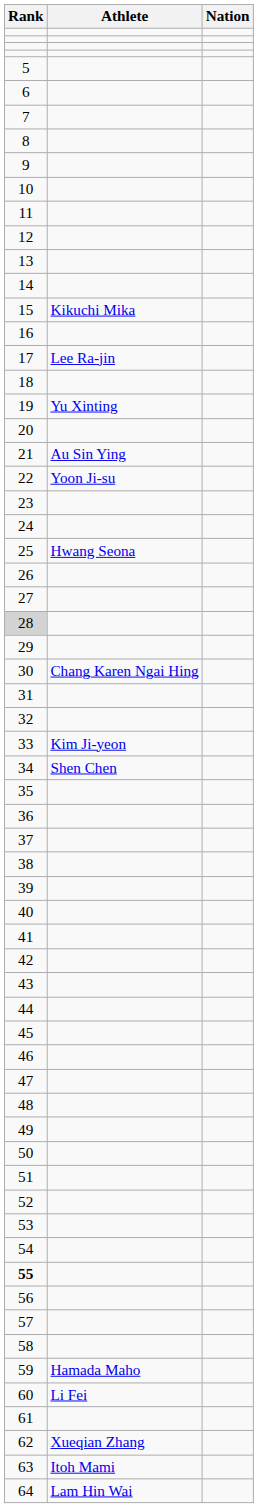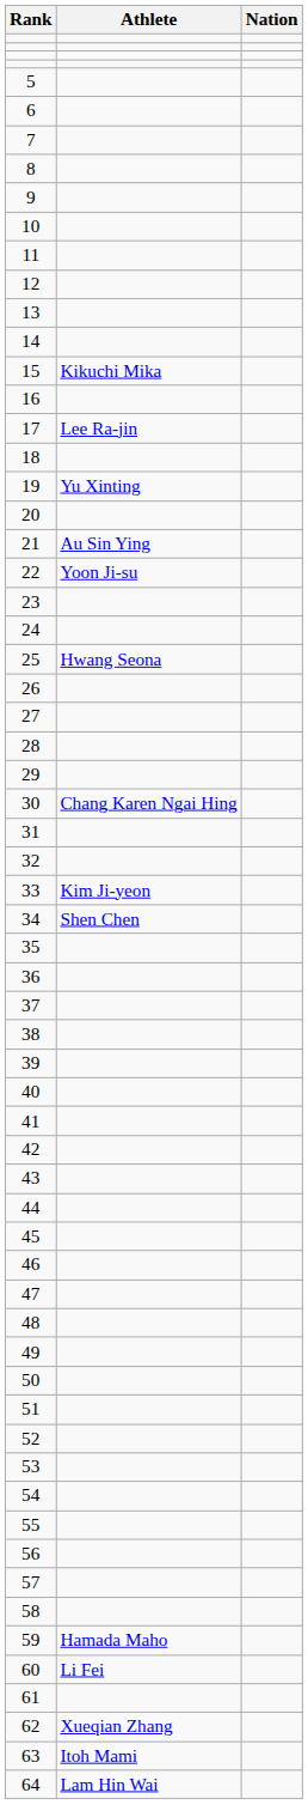 <table class="wikitable sortable" style="text-align:left">
 <tr>
 <th>Rank</th>
 <th>Athlete</th>
 <th>Nation</th>
 </tr>
 <tr>
 <td align="center"></td>
 <td></td>
 <td></td>
 </tr>
 <tr>
 <td align="center"></td>
 <td></td>
 <td></td>
 </tr>
 <tr>
 <td align="center"></td>
 <td></td>
 <td></td>
 </tr>
 <tr>
 <td align="center"></td>
 <td></td>
 <td></td>
 </tr>
 <tr>
 <td align="center">5</td>
 <td></td>
 <td></td>
 </tr>
 <tr>
 <td align="center">6</td>
 <td></td>
 <td></td>
 </tr>
 <tr>
 <td align="center">7</td>
 <td></td>
 <td></td>
 </tr>
 <tr>
 <td align="center">8</td>
 <td></td>
 <td></td>
 </tr>
 <tr>
 <td align="center">9</td>
 <td></td>
 <td></td>
 </tr>
 <tr>
 <td align="center">10</td>
 <td></td>
 <td></td>
 </tr>
 <tr>
 <td align="center">11</td>
 <td></td>
 <td></td>
 </tr>
 <tr>
 <td align="center">12</td>
 <td></td>
 <td></td>
 </tr>
 <tr>
 <td align="center">13</td>
 <td></td>
 <td></td>
 </tr>
 <tr>
 <td align="center">14</td>
 <td></td>
 <td></td>
 </tr>
 <tr>
 <td align="center">15</td>
 <td><a href='#'>Kikuchi Mika</a></td>
 <td></td>
 </tr>
 <tr>
 <td align="center">16</td>
 <td></td>
 <td></td>
 </tr>
 <tr>
 <td align="center">17</td>
 <td><a href='#'>Lee Ra-jin</a></td>
 <td></td>
 </tr>
 <tr>
 <td align="center">18</td>
 <td></td>
 <td></td>
 </tr>
 <tr>
 <td align="center">19</td>
 <td><a href='#'>Yu Xinting</a></td>
 <td></td>
 </tr>
 <tr>
 <td align="center">20</td>
 <td></td>
 <td></td>
 </tr>
 <tr>
 <td align="center">21</td>
 <td><a href='#'>Au Sin Ying</a></td>
 <td></td>
 </tr>
 <tr>
 <td align="center">22</td>
 <td><a href='#'>Yoon Ji-su</a></td>
 <td></td>
 </tr>
 <tr>
 <td align="center">23</td>
 <td></td>
 <td></td>
 </tr>
 <tr>
 <td align="center">24</td>
 <td></td>
 <td></td>
 </tr>
 <tr>
 <td align="center">25</td>
 <td><a href='#'>Hwang Seona</a></td>
 <td></td>
 </tr>
 <tr>
 <td align="center">26</td>
 <td></td>
 <td></td>
 </tr>
 <tr>
 <td align="center">27</td>
 <td></td>
 <td></td>
 </tr>
 <tr>
-<td align="center" style="background: lightgrey;">28</td>
+<td align="center">28</td>
 <td></td>
 <td></td>
 </tr>
 <tr>
 <td align="center">29</td>
 <td></td>
 <td></td>
 </tr>
 <tr>
 <td align="center">30</td>
 <td><a href='#'>Chang Karen Ngai Hing</a></td>
 <td></td>
 </tr>
 <tr>
 <td align="center">31</td>
 <td></td>
 <td></td>
 </tr>
 <tr>
 <td align="center">32</td>
 <td></td>
 <td></td>
 </tr>
 <tr>
 <td align="center">33</td>
 <td><a href='#'>Kim Ji-yeon</a></td>
 <td></td>
 </tr>
 <tr>
 <td align="center">34</td>
 <td><a href='#'>Shen Chen</a></td>
 <td></td>
 </tr>
 <tr>
 <td align="center">35</td>
 <td></td>
 <td></td>
 </tr>
 <tr>
 <td align="center">36</td>
 <td></td>
 <td></td>
 </tr>
 <tr>
 <td align="center">37</td>
 <td></td>
 <td></td>
 </tr>
 <tr>
 <td align="center">38</td>
 <td></td>
 <td></td>
 </tr>
 <tr>
 <td align="center">39</td>
 <td></td>
 <td></td>
 </tr>
 <tr>
 <td align="center">40</td>
 <td></td>
 <td></td>
 </tr>
 <tr>
 <td align="center">41</td>
 <td></td>
 <td></td>
 </tr>
 <tr>
 <td align="center">42</td>
 <td></td>
 <td></td>
 </tr>
 <tr>
 <td align="center">43</td>
 <td></td>
 <td></td>
 </tr>
 <tr>
 <td align="center">44</td>
 <td></td>
 <td></td>
 </tr>
 <tr>
 <td align="center">45</td>
 <td></td>
 <td></td>
 </tr>
 <tr>
 <td align="center">46</td>
 <td></td>
 <td></td>
 </tr>
 <tr>
 <td align="center">47</td>
 <td></td>
 <td></td>
 </tr>
 <tr>
 <td align="center">48</td>
 <td></td>
 <td></td>
 </tr>
 <tr>
 <td align="center">49</td>
 <td></td>
 <td></td>
 </tr>
 <tr>
 <td align="center">50</td>
 <td></td>
 <td></td>
 </tr>
 <tr>
 <td align="center">51</td>
 <td></td>
 <td></td>
 </tr>
 <tr>
 <td align="center">52</td>
 <td></td>
 <td></td>
 </tr>
 <tr>
 <td align="center">53</td>
 <td></td>
 <td></td>
 </tr>
 <tr>
 <td align="center">54</td>
 <td></td>
 <td></td>
 </tr>
 <tr>
-<td align="center"><strong>55</strong></td>
+<td align="center">55</td>
 <td></td>
 <td></td>
 </tr>
 <tr>
 <td align="center">56</td>
 <td></td>
 <td></td>
 </tr>
 <tr>
 <td align="center">57</td>
 <td></td>
 <td></td>
 </tr>
 <tr>
 <td align="center">58</td>
 <td></td>
 <td></td>
 </tr>
 <tr>
 <td align="center">59</td>
 <td><a href='#'>Hamada Maho</a></td>
 <td></td>
 </tr>
 <tr>
 <td align="center">60</td>
 <td><a href='#'>Li Fei</a></td>
 <td></td>
 </tr>
 <tr>
 <td align="center">61</td>
 <td></td>
 <td></td>
 </tr>
 <tr>
 <td align="center">62</td>
 <td><a href='#'>Xueqian Zhang</a></td>
 <td></td>
 </tr>
 <tr>
 <td align="center">63</td>
 <td><a href='#'>Itoh Mami</a></td>
 <td></td>
 </tr>
 <tr>
 <td align="center">64</td>
 <td><a href='#'>Lam Hin Wai</a></td>
 <td></td>
 </tr>
 </table>
